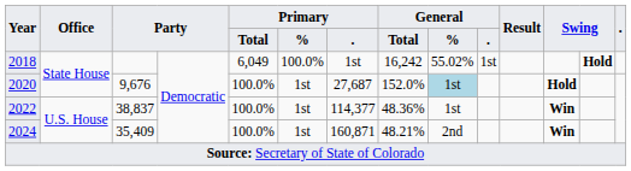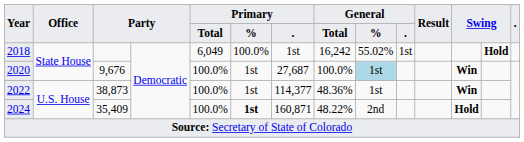 <table class="wikitable" style="font-size:90%; text-align:center;">
 <tr>
 <th style="background-color:#EAECF0;" rowspan=2>Year</th>
 <th style="background-color:#EAECF0;" rowspan=2>Office</th>
 <th style="background-color:#EAECF0;" colspan=2 rowspan=2>Party</th>
 <th style="background-color:#EAECF0;" colspan=3>Primary</th>
 <th style="background-color:#EAECF0;" colspan=3>General</th>
 <th style="background-color:#EAECF0;" rowspan=2>Result</th>
 <th style="background-color:#EAECF0;" colspan=2 rowspan=2><a href='#'>Swing</a></th>
 <th style="background-color:#EAECF0;" rowspan=2>.</th>
 </tr>
 <tr>
 <th style="background-color:#EAECF0;">Total</th>
 <th style="background-color:#EAECF0;">%</th>
 <th style="background-color:#EAECF0;">.</th>
 <th style="background-color:#EAECF0;">Total</th>
 <th style="background-color:#EAECF0;">%</th>
 <th style="background-color:#EAECF0;">.</th>
 </tr>
 <tr>
 <td style="background-color:#EAECF0;"><a href='#'>2018</a></td>
 <td rowspan=2><a href='#'>State House</a></td>
 <td style="background-color:"></td>
 <td rowspan=4><a href='#'>Democratic</a></td>
 <td>6,049</td>
 <td>100.0%</td>
 <td>1st</td>
 <td>16,242</td>
 <td>55.02%</td>
 <td>1st</td>
 <td></td>
 <td style="background-color:"></td>
 <td><strong>Hold</strong></td>
 <td></td>
 </tr>
 <tr>
 <td style="background-color:#EAECF0;"><a href='#'>2020</a></td>
 <td>9,676</td>
 <td>100.0%</td>
 <td>1st</td>
 <td>27,687</td>
-<td>152.0%</td>
+<td>100.0%</td>
 <td style="background: lightblue;">1st</td>
 <td></td>
 <td style="background-color:"></td>
-<td><strong>Hold</strong></td>
+<td><strong>Win</strong></td>
 <td></td>
 </tr>
 <tr>
 <td style="background-color:#EAECF0;"><a href='#'>2022</a></td>
 <td rowspan="2"><a href='#'>U.S. House</a></td>
-<td>38,837</td>
+<td>38,873</td>
 <td>100.0%</td>
 <td>1st</td>
 <td>114,377</td>
 <td>48.36%</td>
 <td>1st</td>
 <td></td>
 <td style="background-color:"></td>
 <td><strong>Win</strong></td>
 <td></td>
 </tr>
 <tr>
 <td style="background-color:#EAECF0;"><a href='#'>2024</a></td>
 <td>35,409</td>
 <td>100.0%</td>
-<td>1st</td>
+<td><strong>1st</strong></td>
 <td>160,871</td>
-<td>48.21%</td>
+<td>48.22%</td>
 <td>2nd</td>
 <td></td>
 <td style="background-color:"></td>
-<td><strong>Win</strong></td>
+<td><strong>Hold</strong></td>
 <td></td>
 </tr>
 <tr>
 <td style="background-color:#EAECF0;" colspan=14><strong>Source:</strong> <a href='#'>Secretary of State of Colorado</a>  </td>
 </tr>
 </table>
